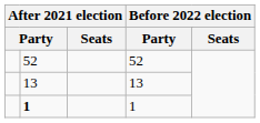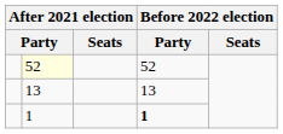 <table class="wikitable">
 <tr>
 <th colspan="3">After 2021 election</th>
 <th colspan="3">Before 2022 election</th>
 </tr>
 <tr>
 <th colspan="2">Party</th>
 <th>Seats</th>
 <th colspan="2">Party</th>
 <th>Seats</th>
 </tr>
 <tr>
 <td></td>
-<td>52</td>
+<td style="background: lightyellow;">52</td>
 <td></td>
 <td>52</td>
 </tr>
 <tr>
 <td></td>
 <td>13</td>
 <td></td>
 <td>13</td>
 </tr>
 <tr>
 <td></td>
+<td>1</td>
+<td></td>
 <td><strong>1</strong></td>
-<td></td>
-<td>1</td>
 </tr>
 </table>
